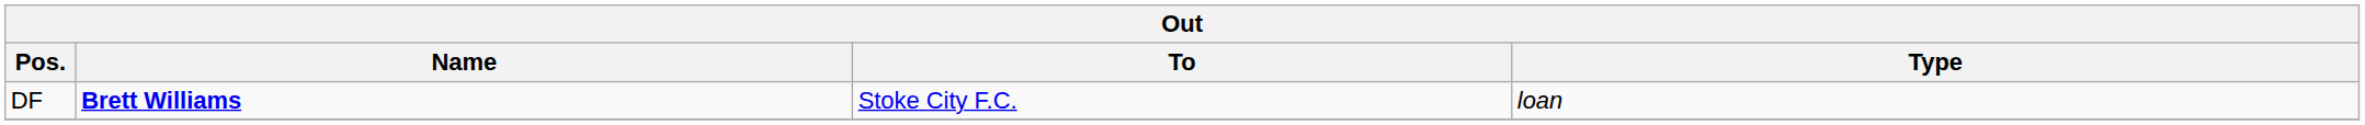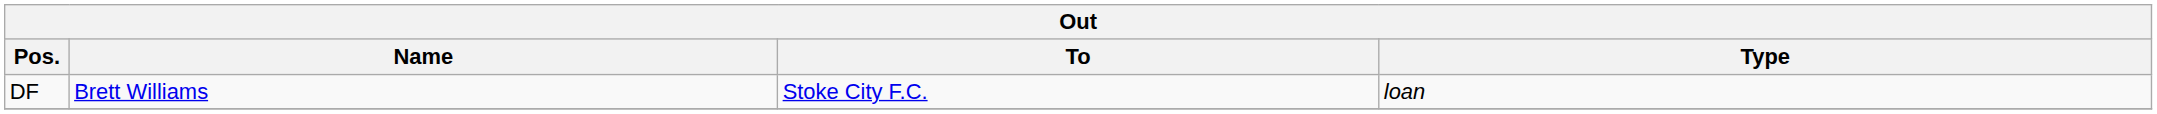 <table class="wikitable" style="font-size:100%;width:99%;">
 <tr>
 <th colspan="4">Out</th>
 </tr>
 <tr>
 <th width=3%>Pos.</th>
 <th width=33%>Name</th>
 <th width=28%>To</th>
 <th width=36%>Type</th>
 </tr>
 <tr>
 <td>DF</td>
-<td><strong><a href='#'>Brett Williams</a></strong></td>
+<td><a href='#'>Brett Williams</a></td>
 <td><a href='#'>Stoke City F.C.</a></td>
 <td><em>loan</em></td>
 </tr>
 <tr>
 </tr>
 </table>
